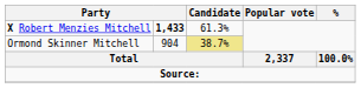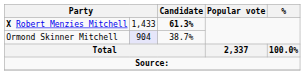 <table class="wikitable">
 <tr>
 <th colspan="2">Party</th>
 <th>Candidate</th>
 <th>Popular vote</th>
 <th>%</th>
 </tr>
 <tr>
 <td> <strong>X</strong> <a href='#'>Robert Menzies Mitchell</a></td>
-<td align=center><strong>1,433</strong></td>
-<td align=center>61.3%</td>
+<td align=center>1,433</td>
+<td align=center><strong>61.3%</strong></td>
 </tr>
 <tr>
 <td>Ormond Skinner Mitchell</td>
-<td align=center>904</td>
-<td align=center style="background: khaki;">38.7%</td>
+<td align=center style="background: lavender;">904</td>
+<td align=center>38.7%</td>
 </tr>
 <tr>
 <th colspan=3>Total</th>
 <th>2,337</th>
 <th>100.0%</th>
 </tr>
 <tr>
 <td align="center" colspan=5><strong>Source:</strong> </td>
 </tr>
 <tr>
 </tr>
 </table>
